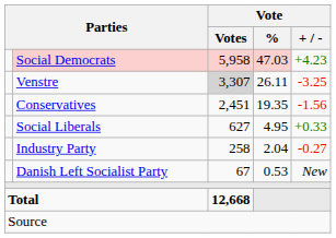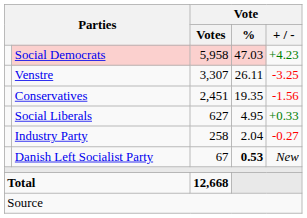 <table class="wikitable" style="text-align:right;">
 <tr>
 <th style="text-align:centre;" rowspan="2" colspan="2" width="225">Parties</th>
 <th colspan="3">Vote</th>
 </tr>
 <tr>
 <th width="15">Votes</th>
 <th width="15">%</th>
 <th width="15">+ / -</th>
 </tr>
 <tr>
 <td width="2" style="color:inherit;background:"></td>
 <td bgcolor=#fbd0ce  align="left"><a href='#'>Social Democrats</a></td>
 <td bgcolor=#fbd0ce>5,958</td>
 <td bgcolor=#fbd0ce>47.03</td>
 <td style=color:green;>+4.23</td>
 </tr>
 <tr>
 <td width="2" style="color:inherit;background:"></td>
 <td align="left"><a href='#'>Venstre</a></td>
-<td style="background: lightgrey;">3,307</td>
+<td>3,307</td>
 <td>26.11</td>
 <td style=color:red;>-3.25</td>
 </tr>
 <tr>
 <td width="2" style="color:inherit;background:"></td>
 <td align="left"><a href='#'>Conservatives</a></td>
 <td>2,451</td>
 <td>19.35</td>
 <td style=color:red;>-1.56</td>
 </tr>
 <tr>
 <td width="2" style="color:inherit;background:"></td>
 <td align="left"><a href='#'>Social Liberals</a></td>
 <td>627</td>
 <td>4.95</td>
 <td style=color:green;>+0.33</td>
 </tr>
 <tr>
 <td width="2" style="color:inherit;background:"></td>
 <td align="left"><a href='#'>Industry Party</a></td>
 <td>258</td>
 <td>2.04</td>
 <td style=color:red;>-0.27</td>
 </tr>
 <tr>
 <td width="2" style="color:inherit;background:"></td>
 <td align="left"><a href='#'>Danish Left Socialist Party</a></td>
 <td>67</td>
-<td>0.53</td>
+<td><strong>0.53</strong></td>
 <td><em>New</em></td>
 </tr>
 <tr>
 <td colspan="7" bgcolor="#E9E9E9"></td>
 </tr>
 <tr>
 <td align="left" colspan="2"><strong>Total</strong></td>
 <td><strong>12,668</strong></td>
 <td bgcolor="#E9E9E9" colspan="2"></td>
 </tr>
 <tr>
 <td align="left" colspan="6">Source</td>
 </tr>
 </table>
